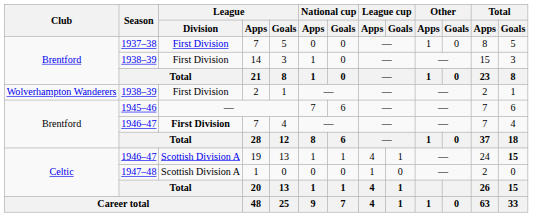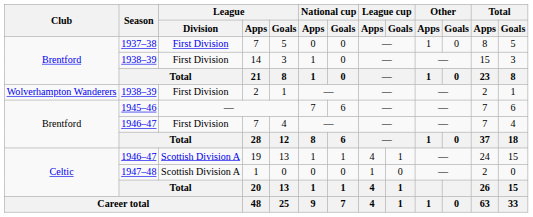 <table class="wikitable" style="text-align: center;">
 <tr>
 <th rowspan="2">Club</th>
 <th rowspan="2">Season</th>
 <th colspan="3">League</th>
 <th colspan="2">National cup</th>
 <th colspan="2">League cup</th>
 <th colspan="2">Other</th>
 <th colspan="2">Total</th>
 </tr>
 <tr>
 <th>Division</th>
 <th>Apps</th>
 <th>Goals</th>
 <th>Apps</th>
 <th>Goals</th>
 <th>Apps</th>
 <th>Goals</th>
 <th>Apps</th>
 <th>Goals</th>
 <th>Apps</th>
 <th>Goals</th>
 </tr>
 <tr>
 <td rowspan="3"><a href='#'>Brentford</a></td>
 <td><a href='#'>1937–38</a></td>
 <td><a href='#'>First Division</a></td>
 <td>7</td>
 <td>5</td>
 <td>0</td>
 <td>0</td>
 <td colspan="2">—</td>
 <td>1</td>
 <td>0</td>
 <td>8</td>
 <td>5</td>
 </tr>
 <tr>
 <td><a href='#'>1938–39</a></td>
 <td>First Division</td>
 <td>14</td>
 <td>3</td>
 <td>1</td>
 <td>0</td>
 <td colspan="2">—</td>
 <td colspan="2">—</td>
 <td>15</td>
 <td>3</td>
 </tr>
 <tr>
 <th colspan="2">Total</th>
 <th>21</th>
 <th>8</th>
 <th>1</th>
 <th>0</th>
 <th colspan="2">—</th>
 <th>1</th>
 <th>0</th>
 <th>23</th>
 <th>8</th>
 </tr>
 <tr>
 <td><a href='#'>Wolverhampton Wanderers</a></td>
 <td><a href='#'>1938–39</a></td>
 <td>First Division</td>
 <td>2</td>
 <td>1</td>
 <td colspan="2">—</td>
 <td colspan="2">—</td>
 <td colspan="2">—</td>
 <td>2</td>
 <td>1</td>
 </tr>
 <tr>
 <td rowspan="3">Brentford</td>
 <td><a href='#'>1945–46</a></td>
 <td colspan="3">—</td>
 <td>7</td>
 <td>6</td>
 <td colspan="2">—</td>
 <td colspan="2">—</td>
 <td>7</td>
 <td>6</td>
 </tr>
 <tr>
 <td><a href='#'>1946–47</a></td>
-<td><strong>First Division</strong></td>
+<td>First Division</td>
 <td>7</td>
 <td>4</td>
 <td colspan="2">—</td>
 <td colspan="2">—</td>
 <td colspan="2">—</td>
 <td>7</td>
 <td>4</td>
 </tr>
 <tr>
 <th colspan="2">Total</th>
 <th>28</th>
 <th>12</th>
 <th>8</th>
 <th>6</th>
 <th colspan="2">—</th>
 <th>1</th>
 <th>0</th>
 <th>37</th>
 <th>18</th>
 </tr>
 <tr>
 <td rowspan="3"><a href='#'>Celtic</a></td>
 <td><a href='#'>1946–47</a></td>
 <td><a href='#'>Scottish Division A</a></td>
 <td>19</td>
 <td>13</td>
 <td>1</td>
 <td>1</td>
 <td>4</td>
 <td>1</td>
 <td colspan="2">—</td>
 <td>24</td>
-<td><strong>15</strong></td>
+<td>15</td>
 </tr>
 <tr>
 <td><a href='#'>1947–48</a></td>
 <td>Scottish Division A</td>
 <td>1</td>
 <td>0</td>
 <td>0</td>
 <td>0</td>
 <td>1</td>
 <td>0</td>
 <td colspan="2">—</td>
 <td>2</td>
 <td>0</td>
 </tr>
 <tr>
 <th colspan="2">Total</th>
 <th>20</th>
 <th>13</th>
 <th>1</th>
 <th>1</th>
 <th>4</th>
 <th>1</th>
 <th></th>
 <th></th>
 <th>26</th>
 <th>15</th>
 </tr>
 <tr>
 <th colspan="3">Career total</th>
 <th>48</th>
 <th>25</th>
 <th>9</th>
 <th>7</th>
 <th>4</th>
 <th>1</th>
 <th>1</th>
 <th>0</th>
 <th>63</th>
 <th>33</th>
 </tr>
 </table>
